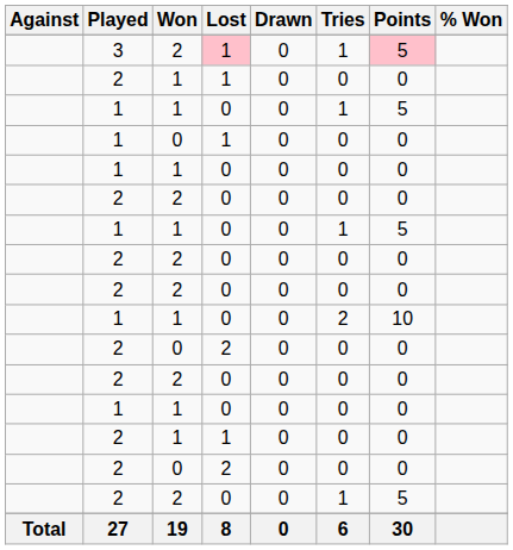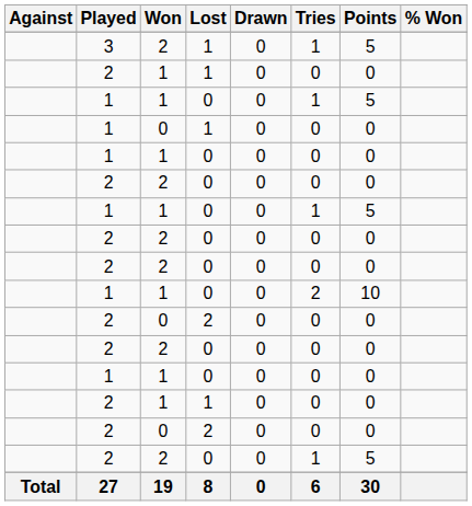 <table class="sortable wikitable" style="text-align: center;">
 <tr>
 </tr>
 <tr>
 <th>Against</th>
 <th>Played</th>
 <th>Won</th>
 <th>Lost</th>
 <th>Drawn</th>
 <th>Tries</th>
 <th>Points</th>
 <th>% Won</th>
 </tr>
 <tr bgcolor="#d0ffd0" align="center">
 </tr>
 <tr>
 <td align="left"></td>
 <td>3</td>
 <td>2</td>
-<td style="background: pink;">1</td>
+<td>1</td>
 <td>0</td>
 <td>1</td>
-<td style="background: pink;">5</td>
+<td>5</td>
 <td></td>
 </tr>
 <tr>
 <td align="left"></td>
 <td>2</td>
 <td>1</td>
 <td>1</td>
 <td>0</td>
 <td>0</td>
 <td>0</td>
 <td></td>
 </tr>
 <tr>
 <td align="left"></td>
 <td>1</td>
 <td>1</td>
 <td>0</td>
 <td>0</td>
 <td>1</td>
 <td>5</td>
 <td></td>
 </tr>
 <tr>
 <td align="left"></td>
 <td>1</td>
 <td>0</td>
 <td>1</td>
 <td>0</td>
 <td>0</td>
 <td>0</td>
 <td></td>
 </tr>
 <tr>
 <td align="left"></td>
 <td>1</td>
 <td>1</td>
 <td>0</td>
 <td>0</td>
 <td>0</td>
 <td>0</td>
 <td></td>
 </tr>
 <tr>
 <td align="left"></td>
 <td>2</td>
 <td>2</td>
 <td>0</td>
 <td>0</td>
 <td>0</td>
 <td>0</td>
 <td></td>
 </tr>
 <tr>
 <td align="left"></td>
 <td>1</td>
 <td>1</td>
 <td>0</td>
 <td>0</td>
 <td>1</td>
 <td>5</td>
 <td></td>
 </tr>
 <tr>
 <td align="left"></td>
 <td>2</td>
 <td>2</td>
 <td>0</td>
 <td>0</td>
 <td>0</td>
 <td>0</td>
 <td></td>
 </tr>
 <tr>
 <td align="left"></td>
 <td>2</td>
 <td>2</td>
 <td>0</td>
 <td>0</td>
 <td>0</td>
 <td>0</td>
 <td></td>
 </tr>
 <tr>
 <td align="left"></td>
 <td>1</td>
 <td>1</td>
 <td>0</td>
 <td>0</td>
 <td>2</td>
 <td>10</td>
 <td></td>
 </tr>
 <tr>
 <td align="left"></td>
 <td>2</td>
 <td>0</td>
 <td>2</td>
 <td>0</td>
 <td>0</td>
 <td>0</td>
 <td></td>
 </tr>
 <tr>
 <td align="left"></td>
 <td>2</td>
 <td>2</td>
 <td>0</td>
 <td>0</td>
 <td>0</td>
 <td>0</td>
 <td></td>
 </tr>
 <tr>
 <td align="left"></td>
 <td>1</td>
 <td>1</td>
 <td>0</td>
 <td>0</td>
 <td>0</td>
 <td>0</td>
 <td></td>
 </tr>
 <tr>
 <td align="left"></td>
 <td>2</td>
 <td>1</td>
 <td>1</td>
 <td>0</td>
 <td>0</td>
 <td>0</td>
 <td></td>
 </tr>
 <tr>
 <td align="left"></td>
 <td>2</td>
 <td>0</td>
 <td>2</td>
 <td>0</td>
 <td>0</td>
 <td>0</td>
 <td></td>
 </tr>
 <tr>
 <td align="left"></td>
 <td>2</td>
 <td>2</td>
 <td>0</td>
 <td>0</td>
 <td>1</td>
 <td>5</td>
 <td></td>
 </tr>
 <tr>
 </tr>
 <tr class="sortbottom">
 <th>Total</th>
 <th>27</th>
 <th>19</th>
 <th>8</th>
 <th>0</th>
 <th>6</th>
 <th>30</th>
 <th></th>
 </tr>
 </table>
